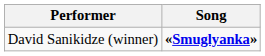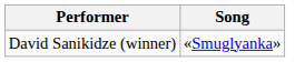 <table class="wikitable" style="text-align:center;">
 <tr>
 <th>Performer</th>
 <th>Song</th>
 </tr>
 <tr>
 <td>David Sanikidze (winner)</td>
-<td><strong>«<a href='#'>Smuglyanka</a>»</strong></td>
+<td>«<a href='#'>Smuglyanka</a>»</td>
 </tr>
 </table>
